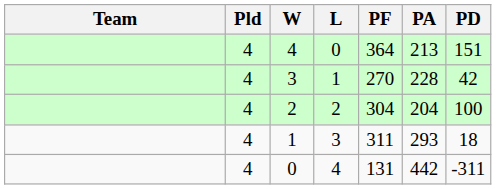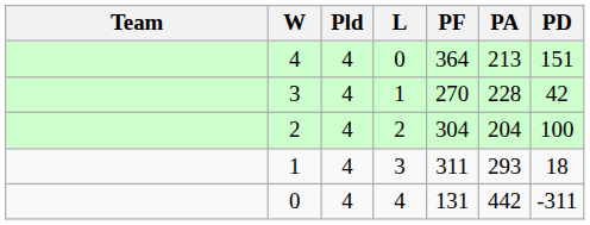 <table class="wikitable" style="text-align:center;">
 <tr>
 <th width=180>Team</th>
+<th width=30>W</th>
 <th width=30>Pld</th>
-<th width=30>W</th>
 <th width=30>L</th>
 <th width=30>PF</th>
 <th width=30>PA</th>
 <th width=30>PD</th>
 </tr>
 <tr bgcolor="#ccffcc">
 <td align=left></td>
 <td>4</td>
 <td>4</td>
 <td>0</td>
 <td>364</td>
 <td>213</td>
 <td>151</td>
 </tr>
 <tr bgcolor="#ccffcc">
 <td align=left></td>
+<td>3</td>
 <td>4</td>
-<td>3</td>
 <td>1</td>
 <td>270</td>
 <td>228</td>
 <td>42</td>
 </tr>
 <tr bgcolor="#ccffcc">
 <td align=left></td>
+<td>2</td>
 <td>4</td>
-<td>2</td>
 <td>2</td>
 <td>304</td>
 <td>204</td>
 <td>100</td>
 </tr>
 <tr>
 <td align=left></td>
+<td>1</td>
 <td>4</td>
-<td>1</td>
 <td>3</td>
 <td>311</td>
 <td>293</td>
 <td>18</td>
 </tr>
 <tr>
 <td align=left></td>
+<td>0</td>
 <td>4</td>
-<td>0</td>
 <td>4</td>
 <td>131</td>
 <td>442</td>
 <td>-311</td>
 </tr>
 </table>
